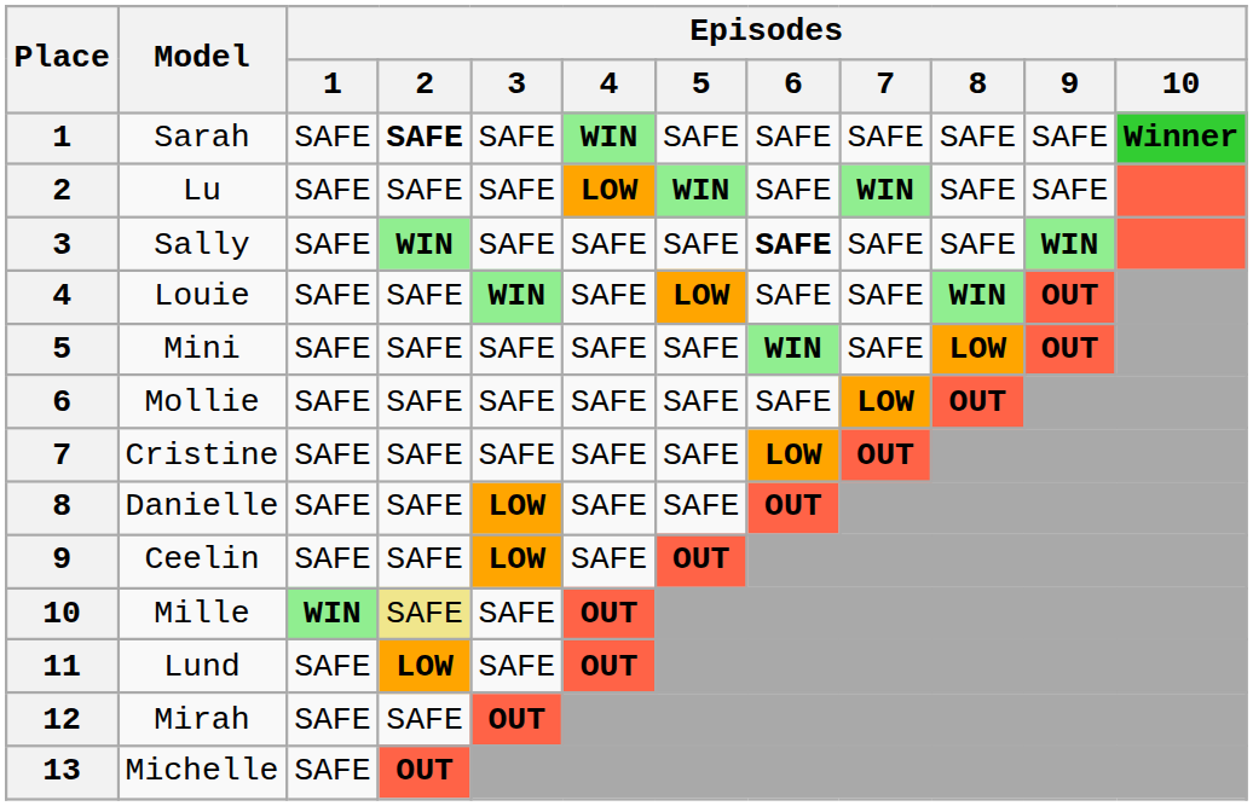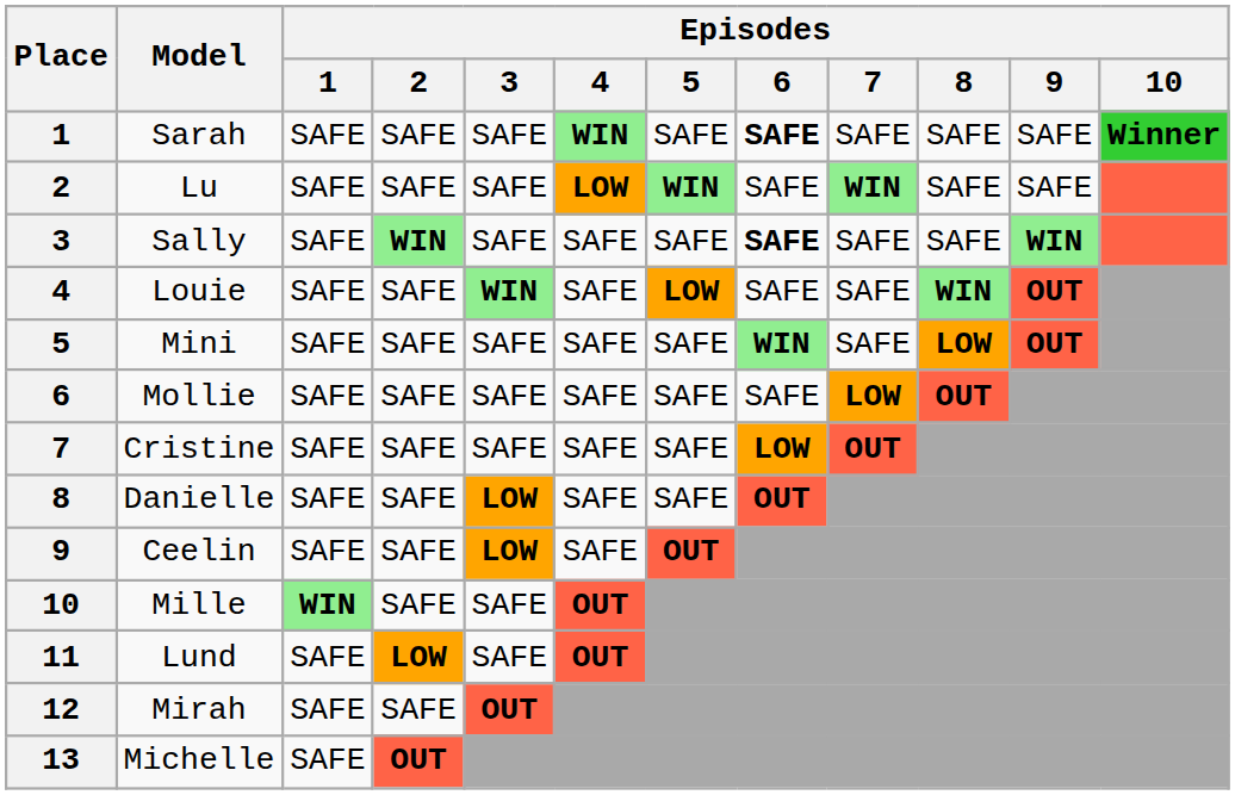 <table class="wikitable" style="text-align:center; font-size:92%">
 <tr>
 <th rowspan="2">Place</th>
 <th rowspan="2">Model</th>
 <th colspan="10">Episodes</th>
 </tr>
 <tr>
 <th>1</th>
 <th>2</th>
 <th>3</th>
 <th>4</th>
 <th>5</th>
 <th>6</th>
 <th>7</th>
 <th>8</th>
 <th>9</th>
 <th>10</th>
 </tr>
 <tr>
 <th>1</th>
 <td>Sarah</td>
 <td>SAFE</td>
-<td><strong>SAFE</strong></td>
+<td>SAFE</td>
 <td>SAFE</td>
 <td style="background:lightgreen;"><strong>WIN</strong></td>
 <td>SAFE</td>
-<td>SAFE</td>
+<td><strong>SAFE</strong></td>
 <td>SAFE</td>
 <td>SAFE</td>
 <td>SAFE</td>
 <td style="background:limegreen;"><strong>Winner</strong></td>
 </tr>
 <tr>
 <th>2</th>
 <td>Lu</td>
 <td>SAFE</td>
 <td>SAFE</td>
 <td>SAFE</td>
 <td style="background:orange;"><strong>LOW</strong></td>
 <td style="background:lightgreen;"><strong>WIN</strong></td>
 <td>SAFE</td>
 <td style="background:lightgreen;"><strong>WIN</strong></td>
 <td>SAFE</td>
 <td>SAFE</td>
 <td style="background:tomato;"></td>
 </tr>
 <tr>
 <th>3</th>
 <td>Sally</td>
 <td>SAFE</td>
 <td style="background:lightgreen;"><strong>WIN</strong></td>
 <td>SAFE</td>
 <td>SAFE</td>
 <td>SAFE</td>
 <td><strong>SAFE</strong></td>
 <td>SAFE</td>
 <td>SAFE</td>
 <td style="background:lightgreen;"><strong>WIN</strong></td>
 <td style="background:tomato;"></td>
 </tr>
 <tr>
 <th>4</th>
 <td>Louie</td>
 <td>SAFE</td>
 <td>SAFE</td>
 <td style="background:lightgreen;"><strong>WIN</strong></td>
 <td>SAFE</td>
 <td style="background:orange;"><strong>LOW</strong></td>
 <td>SAFE</td>
 <td>SAFE</td>
 <td style="background:lightgreen;"><strong>WIN</strong></td>
 <td style="background:tomato;"><strong>OUT</strong></td>
 <td style="background:darkgrey;" colspan="12"></td>
 </tr>
 <tr>
 <th>5</th>
 <td>Mini</td>
 <td>SAFE</td>
 <td>SAFE</td>
 <td>SAFE</td>
 <td>SAFE</td>
 <td>SAFE</td>
 <td style="background:lightgreen;"><strong>WIN</strong></td>
 <td>SAFE</td>
 <td style="background:orange;"><strong>LOW</strong></td>
 <td style="background:tomato;"><strong>OUT</strong></td>
 <td style="background:darkgrey;" colspan="12"></td>
 </tr>
 <tr>
 <th>6</th>
 <td>Mollie</td>
 <td>SAFE</td>
 <td>SAFE</td>
 <td>SAFE</td>
 <td>SAFE</td>
 <td>SAFE</td>
 <td>SAFE</td>
 <td style="background:orange;"><strong>LOW</strong></td>
 <td style="background:tomato;"><strong>OUT</strong></td>
 <td style="background:darkgrey;" colspan="12"></td>
 </tr>
 <tr>
 <th>7</th>
 <td>Cristine</td>
 <td>SAFE</td>
 <td>SAFE</td>
 <td>SAFE</td>
 <td>SAFE</td>
 <td>SAFE</td>
 <td style="background:orange;"><strong>LOW</strong></td>
 <td style="background:tomato;"><strong>OUT</strong></td>
 <td style="background:darkgrey;" colspan="12"></td>
 </tr>
 <tr>
 <th>8</th>
 <td>Danielle</td>
 <td>SAFE</td>
 <td>SAFE</td>
 <td style="background:orange;"><strong>LOW</strong></td>
 <td>SAFE</td>
 <td>SAFE</td>
 <td style="background:tomato;"><strong>OUT</strong></td>
 <td style="background:darkgrey;" colspan="12"></td>
 </tr>
 <tr>
 <th>9</th>
 <td>Ceelin</td>
 <td>SAFE</td>
 <td>SAFE</td>
 <td style="background:orange;"><strong>LOW</strong></td>
 <td>SAFE</td>
 <td style="background:tomato;"><strong>OUT</strong></td>
 <td style="background:darkgrey;" colspan="12"></td>
 </tr>
 <tr>
 <th>10</th>
 <td>Mille</td>
 <td style="background:lightgreen;"><strong>WIN</strong></td>
-<td style="background: khaki;">SAFE</td>
+<td>SAFE</td>
 <td>SAFE</td>
 <td style="background:tomato;"><strong>OUT</strong></td>
 <td style="background:darkgrey;" colspan="12"></td>
 </tr>
 <tr>
 <th>11</th>
 <td>Lund</td>
 <td>SAFE</td>
 <td style="background:orange;"><strong>LOW</strong></td>
 <td>SAFE</td>
 <td style="background:tomato;"><strong>OUT</strong></td>
 <td style="background:darkgrey;" colspan="12"></td>
 </tr>
 <tr>
 <th>12</th>
 <td>Mirah</td>
 <td>SAFE</td>
 <td>SAFE</td>
 <td style="background:tomato;"><strong>OUT</strong></td>
 <td style="background:darkgrey;" colspan="12"></td>
 </tr>
 <tr>
 <th>13</th>
 <td>Michelle</td>
 <td>SAFE</td>
 <td style="background:tomato;"><strong>OUT</strong></td>
 <td style="background:darkgrey;" colspan="12"></td>
 </tr>
 </table>
